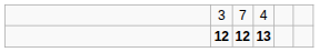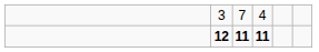 <table class="wikitable">
 <tr>
 <td style="width:15em"></td>
 <td align=center style="width:1em">3</td>
 <td align=center style="width:1em">7</td>
 <td align=center style="width:1em">4</td>
 <td align=center style="width:1em"></td>
 <td align=center style="width:1em"></td>
 </tr>
 <tr>
 <td style="width:15em"></td>
 <td align=center style="width:1em"><strong>12</strong></td>
-<td align=center style="width:1em"><strong>12</strong></td>
-<td align=center style="width:1em"><strong>13</strong></td>
+<td align=center style="width:1em"><strong>11</strong></td>
+<td align=center style="width:1em"><strong>11</strong></td>
 <td align=center style="width:1em"></td>
 <td align=center style="width:1em"></td>
 </tr>
 </table>
